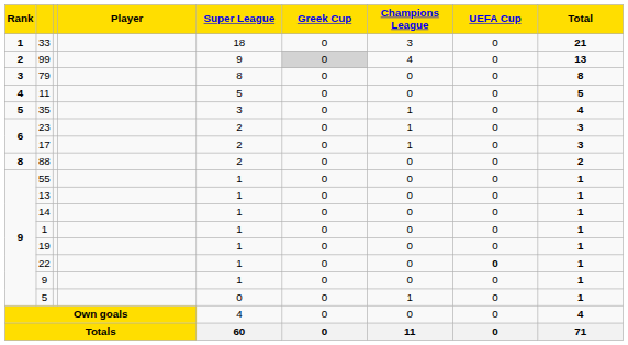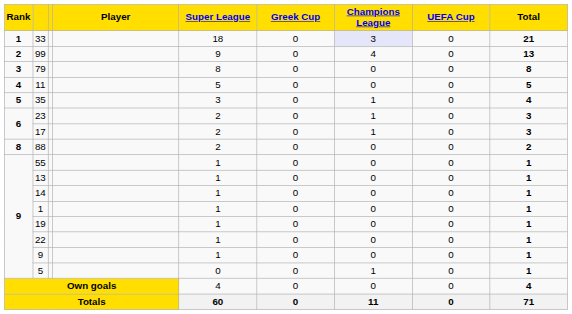 <table class="wikitable sortable" style="text-align: center">
 <tr>
 <th style="background:#FFDE00">Rank</th>
 <th style="background:#FFDE00"></th>
 <th style="background:#FFDE00"></th>
 <th width=200 style="background:#FFDE00">Player</th>
 <th width=120 style="background:#FFDE00"><a href='#'>Super League</a></th>
 <th width=120 style="background:#FFDE00"><a href='#'>Greek Cup</a></th>
 <th width=120 style="background:#FFDE00"><a href='#'>Champions League</a></th>
 <th width=120 style="background:#FFDE00"><a href='#'>UEFA Cup</a></th>
 <th width=120 style="background:#FFDE00">Total</th>
 </tr>
 <tr>
 <td><strong>1</strong></td>
 <td>33</td>
 <td></td>
 <td align=left></td>
 <td>18</td>
 <td>0</td>
-<td>3</td>
+<td style="background: lavender;">3</td>
 <td>0</td>
 <td><strong>21</strong></td>
 </tr>
 <tr>
 <td><strong>2</strong></td>
 <td>99</td>
 <td></td>
 <td align=left></td>
 <td>9</td>
-<td style="background: lightgrey;">0</td>
+<td>0</td>
 <td>4</td>
 <td>0</td>
 <td><strong>13</strong></td>
 </tr>
 <tr>
 <td><strong>3</strong></td>
 <td>79</td>
 <td></td>
 <td align=left></td>
 <td>8</td>
 <td>0</td>
 <td>0</td>
 <td>0</td>
 <td><strong>8</strong></td>
 </tr>
 <tr>
 <td><strong>4</strong></td>
 <td>11</td>
 <td></td>
 <td align=left></td>
 <td>5</td>
 <td>0</td>
 <td>0</td>
 <td>0</td>
 <td><strong>5</strong></td>
 </tr>
 <tr>
 <td><strong>5</strong></td>
 <td>35</td>
 <td></td>
 <td align=left></td>
 <td>3</td>
 <td>0</td>
 <td>1</td>
 <td>0</td>
 <td><strong>4</strong></td>
 </tr>
 <tr>
 <td rowspan=2><strong>6</strong></td>
 <td>23</td>
 <td></td>
 <td align=left></td>
 <td>2</td>
 <td>0</td>
 <td>1</td>
 <td>0</td>
 <td><strong>3</strong></td>
 </tr>
 <tr>
 <td>17</td>
 <td></td>
 <td align=left></td>
 <td>2</td>
 <td>0</td>
 <td>1</td>
 <td>0</td>
 <td><strong>3</strong></td>
 </tr>
 <tr>
 <td><strong>8</strong></td>
 <td>88</td>
 <td></td>
 <td align=left></td>
 <td>2</td>
 <td>0</td>
 <td>0</td>
 <td>0</td>
 <td><strong>2</strong></td>
 </tr>
 <tr>
 <td rowspan=8><strong>9</strong></td>
 <td>55</td>
 <td></td>
 <td align=left></td>
 <td>1</td>
 <td>0</td>
 <td>0</td>
 <td>0</td>
 <td><strong>1</strong></td>
 </tr>
 <tr>
 <td>13</td>
 <td></td>
 <td align=left></td>
 <td>1</td>
 <td>0</td>
 <td>0</td>
 <td>0</td>
 <td><strong>1</strong></td>
 </tr>
 <tr>
 <td>14</td>
 <td></td>
 <td align=left></td>
 <td>1</td>
 <td>0</td>
 <td>0</td>
 <td>0</td>
 <td><strong>1</strong></td>
 </tr>
 <tr>
 <td>1</td>
 <td></td>
 <td align=left></td>
 <td>1</td>
 <td>0</td>
 <td>0</td>
 <td>0</td>
 <td><strong>1</strong></td>
 </tr>
 <tr>
 <td>19</td>
 <td></td>
 <td align=left></td>
 <td>1</td>
 <td>0</td>
 <td>0</td>
 <td>0</td>
 <td><strong>1</strong></td>
 </tr>
 <tr>
 <td>22</td>
 <td></td>
 <td align=left></td>
 <td>1</td>
 <td>0</td>
 <td>0</td>
-<td><strong>0</strong></td>
+<td>0</td>
 <td><strong>1</strong></td>
 </tr>
 <tr>
 <td>9</td>
 <td></td>
 <td align=left></td>
 <td>1</td>
 <td>0</td>
 <td>0</td>
 <td>0</td>
 <td><strong>1</strong></td>
 </tr>
 <tr>
 <td>5</td>
 <td></td>
 <td align=left></td>
 <td>0</td>
 <td>0</td>
 <td>1</td>
 <td>0</td>
 <td><strong>1</strong></td>
 </tr>
 <tr class="sortbottom">
 <td colspan=4 style="background:#FFDE00"><strong>Own goals</strong></td>
 <td>4</td>
 <td>0</td>
 <td>0</td>
 <td>0</td>
 <td><strong>4</strong></td>
 </tr>
 <tr class="sortbottom">
 <th colspan=4 style="background:#FFDE00"><strong>Totals</strong></th>
 <th><strong>60</strong></th>
 <th><strong> 0</strong></th>
 <th><strong>11</strong></th>
 <th><strong> 0</strong></th>
 <th><strong>71</strong></th>
 </tr>
 </table>
